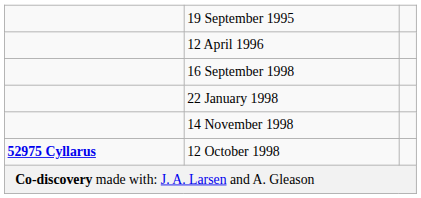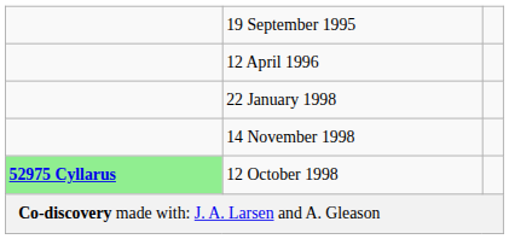 <table class="wikitable" style="float: left; width: 30em; margin-right: 1em; height: 220px;">
 <tr>
 <td><strong></strong></td>
 <td>19 September 1995</td>
 <td></td>
 </tr>
 <tr>
 <td></td>
 <td>12 April 1996</td>
 <td></td>
 </tr>
 <tr>
 <td><strong></strong></td>
-<td>16 September 1998</td>
-<td></td>
-</tr>
-<tr>
-<td><strong></strong></td>
 <td>22 January 1998</td>
 <td></td>
 </tr>
 <tr>
 <td><strong></strong></td>
 <td>14 November 1998</td>
 <td> </td>
 </tr>
 <tr>
-<td><strong><a href='#'>52975 Cyllarus</a></strong></td>
+<td style="background: lightgreen;"><strong><a href='#'>52975 Cyllarus</a></strong></td>
 <td>12 October 1998</td>
 <td></td>
 </tr>
 <tr>
 <th colspan=3 style="font-weight: normal; text-align: left; padding: 4px 12px;"><strong>Co-discovery</strong> made with:  <a href='#'>J. A. Larsen</a> and A. Gleason</th>
 </tr>
 </table>
